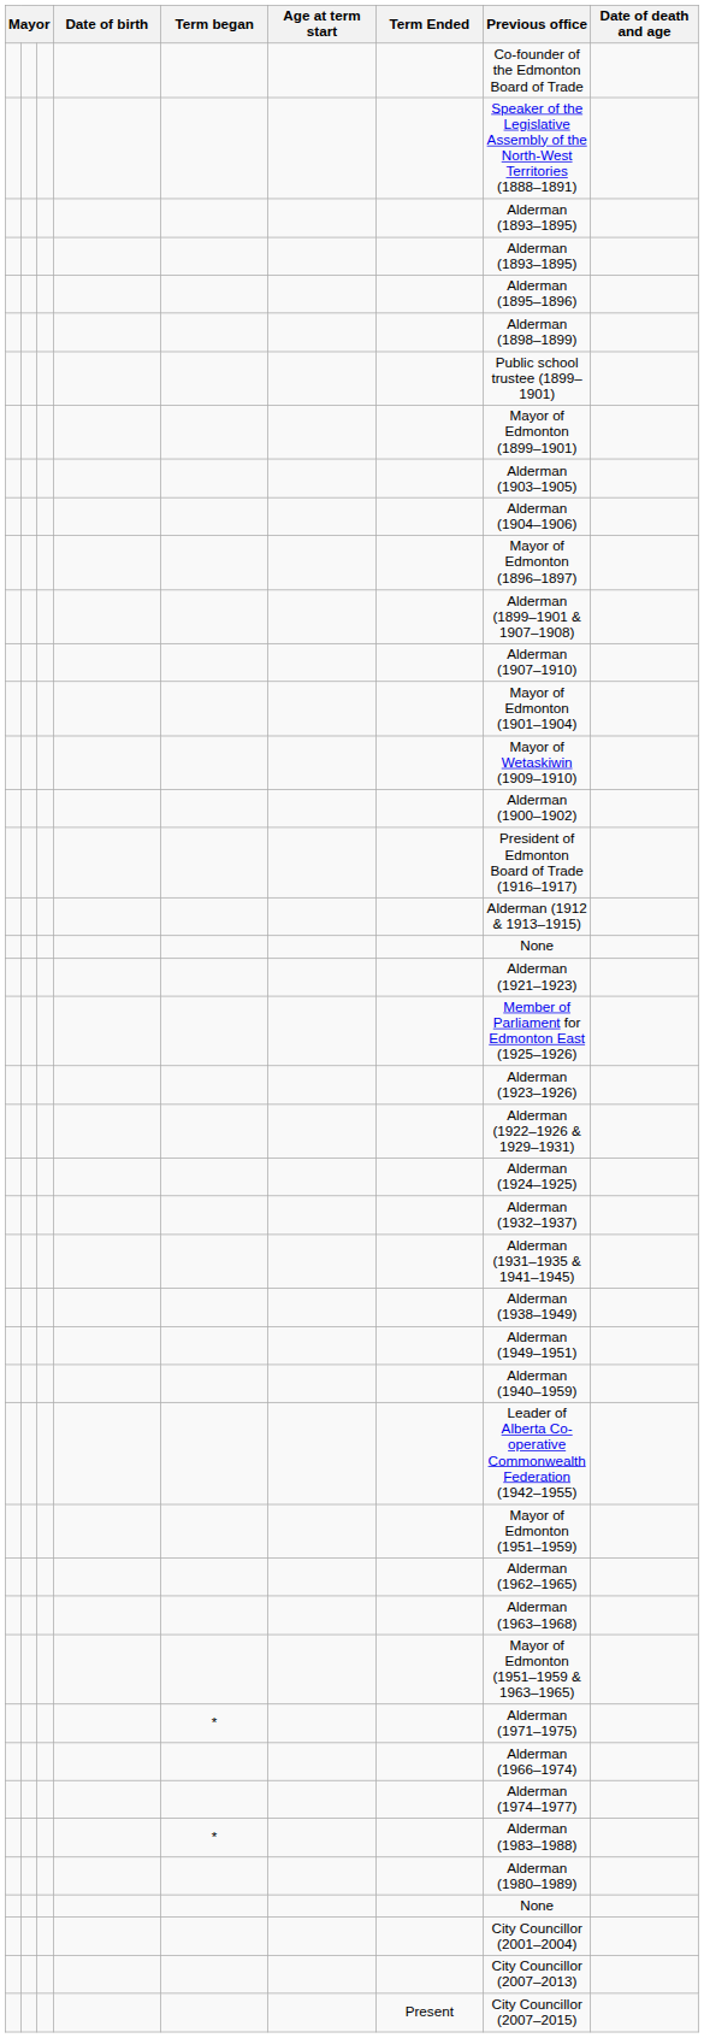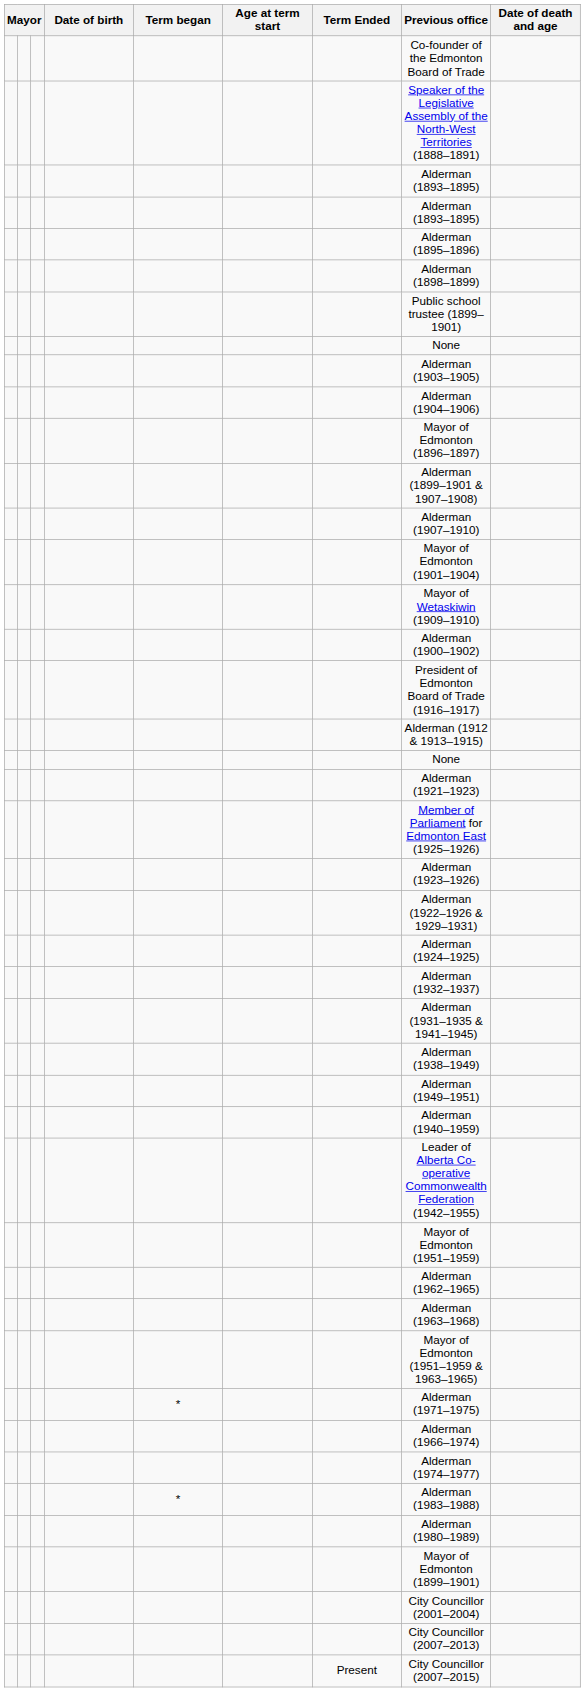 <table class="wikitable sortable" style="text-align:center;">
 <tr>
 <th colspan=3>Mayor</th>
 <th width="115">Date of birth</th>
 <th width="115">Term began</th>
 <th width="115">Age at term start</th>
 <th width="115">Term Ended</th>
 <th width="115">Previous office</th>
 <th width="115">Date of death and age</th>
 </tr>
 <tr>
 <td></td>
 <td></td>
 <td></td>
 <td></td>
 <td></td>
 <td></td>
 <td></td>
 <td>Co-founder of the Edmonton Board of Trade</td>
 <td><br></td>
 </tr>
 <tr>
 <td></td>
 <td></td>
 <td></td>
 <td></td>
 <td></td>
 <td></td>
 <td></td>
 <td><a href='#'>Speaker of the Legislative Assembly of the North-West Territories</a> (1888–1891)</td>
 <td><br></td>
 </tr>
 <tr>
 <td></td>
 <td></td>
 <td></td>
 <td></td>
 <td></td>
 <td></td>
 <td></td>
 <td>Alderman (1893–1895)</td>
 <td><br></td>
 </tr>
 <tr>
 <td></td>
 <td></td>
 <td></td>
 <td></td>
 <td></td>
 <td></td>
 <td></td>
 <td>Alderman (1893–1895)</td>
 <td><br></td>
 </tr>
 <tr>
 <td></td>
 <td></td>
 <td></td>
 <td></td>
 <td></td>
 <td></td>
 <td></td>
 <td>Alderman (1895–1896)</td>
 <td><br></td>
 </tr>
 <tr>
 <td></td>
 <td></td>
 <td></td>
 <td></td>
 <td></td>
 <td></td>
 <td></td>
 <td>Alderman (1898–1899)</td>
 <td><br></td>
 </tr>
 <tr>
 <td></td>
 <td></td>
 <td></td>
 <td></td>
 <td></td>
 <td></td>
 <td></td>
 <td>Public school trustee (1899–1901)</td>
 <td><br></td>
 </tr>
 <tr>
 <td></td>
 <td></td>
 <td></td>
 <td></td>
 <td></td>
 <td></td>
 <td></td>
-<td>Mayor of Edmonton (1899–1901)</td>
+<td>None</td>
 <td><br></td>
 </tr>
 <tr>
 <td></td>
 <td></td>
 <td></td>
 <td></td>
 <td></td>
 <td></td>
 <td></td>
 <td>Alderman (1903–1905)</td>
 <td><br></td>
 </tr>
 <tr>
 <td></td>
 <td></td>
 <td></td>
 <td></td>
 <td></td>
 <td></td>
 <td></td>
 <td>Alderman (1904–1906)</td>
 <td><br></td>
 </tr>
 <tr>
 <td></td>
 <td></td>
 <td></td>
 <td></td>
 <td></td>
 <td></td>
 <td></td>
 <td>Mayor of Edmonton (1896–1897)</td>
 <td><br></td>
 </tr>
 <tr>
 <td></td>
 <td></td>
 <td></td>
 <td></td>
 <td></td>
 <td></td>
 <td></td>
 <td>Alderman (1899–1901 & 1907–1908)</td>
 <td><br></td>
 </tr>
 <tr>
 <td></td>
 <td></td>
 <td></td>
 <td></td>
 <td></td>
 <td></td>
 <td></td>
 <td>Alderman (1907–1910)</td>
 <td><br></td>
 </tr>
 <tr>
 <td></td>
 <td></td>
 <td></td>
 <td></td>
 <td></td>
 <td></td>
 <td></td>
 <td>Mayor of Edmonton (1901–1904)</td>
 <td><br></td>
 </tr>
 <tr>
 <td></td>
 <td></td>
 <td></td>
 <td></td>
 <td></td>
 <td></td>
 <td></td>
 <td>Mayor of <a href='#'>Wetaskiwin</a> (1909–1910)</td>
 <td><br></td>
 </tr>
 <tr>
 <td></td>
 <td></td>
 <td></td>
 <td></td>
 <td></td>
 <td></td>
 <td></td>
 <td>Alderman (1900–1902)</td>
 <td><br></td>
 </tr>
 <tr>
 <td></td>
 <td></td>
 <td></td>
 <td></td>
 <td></td>
 <td></td>
 <td></td>
 <td>President of Edmonton Board of Trade (1916–1917)</td>
 <td><br></td>
 </tr>
 <tr>
 <td></td>
 <td></td>
 <td></td>
 <td></td>
 <td></td>
 <td></td>
 <td></td>
 <td>Alderman (1912 & 1913–1915)</td>
 <td><br></td>
 </tr>
 <tr>
 <td></td>
 <td></td>
 <td></td>
 <td></td>
 <td></td>
 <td></td>
 <td></td>
 <td>None</td>
 <td><br></td>
 </tr>
 <tr>
 <td></td>
 <td></td>
 <td></td>
 <td></td>
 <td></td>
 <td></td>
 <td></td>
 <td>Alderman (1921–1923)</td>
 <td><br></td>
 </tr>
 <tr>
 <td></td>
 <td></td>
 <td></td>
 <td></td>
 <td></td>
 <td></td>
 <td></td>
 <td><a href='#'>Member of Parliament</a> for <a href='#'>Edmonton East</a> (1925–1926)</td>
 <td><br></td>
 </tr>
 <tr>
 <td></td>
 <td></td>
 <td></td>
 <td></td>
 <td></td>
 <td></td>
 <td></td>
 <td>Alderman (1923–1926)</td>
 <td><br></td>
 </tr>
 <tr>
 <td></td>
 <td></td>
 <td></td>
 <td></td>
 <td></td>
 <td></td>
 <td></td>
 <td>Alderman (1922–1926 & 1929–1931)</td>
 <td><br></td>
 </tr>
 <tr>
 <td></td>
 <td></td>
 <td></td>
 <td></td>
 <td></td>
 <td></td>
 <td></td>
 <td>Alderman (1924–1925)</td>
 <td><br></td>
 </tr>
 <tr>
 <td></td>
 <td></td>
 <td></td>
 <td></td>
 <td></td>
 <td></td>
 <td></td>
 <td>Alderman (1932–1937)</td>
 <td><br></td>
 </tr>
 <tr>
 <td></td>
 <td></td>
 <td></td>
 <td></td>
 <td></td>
 <td></td>
 <td></td>
 <td>Alderman (1931–1935 & 1941–1945)</td>
 <td><br></td>
 </tr>
 <tr>
 <td></td>
 <td></td>
 <td></td>
 <td></td>
 <td></td>
 <td></td>
 <td></td>
 <td>Alderman (1938–1949)</td>
 <td><br></td>
 </tr>
 <tr>
 <td></td>
 <td></td>
 <td></td>
 <td></td>
 <td></td>
 <td></td>
 <td></td>
 <td>Alderman (1949–1951)</td>
 <td><br></td>
 </tr>
 <tr>
 <td></td>
 <td></td>
 <td></td>
 <td></td>
 <td></td>
 <td></td>
 <td></td>
 <td>Alderman (1940–1959)</td>
 <td><br></td>
 </tr>
 <tr>
 <td></td>
 <td></td>
 <td></td>
 <td></td>
 <td></td>
 <td></td>
 <td></td>
 <td>Leader of <a href='#'>Alberta Co-operative Commonwealth Federation</a> (1942–1955)</td>
 <td><br></td>
 </tr>
 <tr>
 <td></td>
 <td></td>
 <td></td>
 <td></td>
 <td></td>
 <td></td>
 <td></td>
 <td>Mayor of Edmonton (1951–1959)</td>
 <td><br></td>
 </tr>
 <tr>
 <td></td>
 <td></td>
 <td></td>
 <td></td>
 <td></td>
 <td></td>
 <td></td>
 <td>Alderman (1962–1965)</td>
 <td><br></td>
 </tr>
 <tr>
 <td></td>
 <td></td>
 <td></td>
 <td></td>
 <td></td>
 <td></td>
 <td></td>
 <td>Alderman (1963–1968)</td>
 <td><br></td>
 </tr>
 <tr>
 <td></td>
 <td></td>
 <td></td>
 <td></td>
 <td></td>
 <td></td>
 <td></td>
 <td>Mayor of Edmonton (1951–1959 & 1963–1965)</td>
 <td><br></td>
 </tr>
 <tr>
 <td></td>
 <td></td>
 <td></td>
 <td></td>
 <td>*</td>
 <td></td>
 <td></td>
 <td>Alderman (1971–1975)</td>
 <td><br></td>
 </tr>
 <tr>
 <td></td>
 <td></td>
 <td></td>
 <td></td>
 <td></td>
 <td></td>
 <td></td>
 <td>Alderman (1966–1974)</td>
 <td></td>
 </tr>
 <tr>
 <td></td>
 <td></td>
 <td></td>
 <td></td>
 <td></td>
 <td></td>
 <td></td>
 <td>Alderman (1974–1977)</td>
 <td><br></td>
 </tr>
 <tr>
 <td></td>
 <td></td>
 <td></td>
 <td></td>
 <td>*</td>
 <td></td>
 <td></td>
 <td>Alderman (1983–1988)</td>
 <td><br></td>
 </tr>
 <tr>
 <td></td>
 <td></td>
 <td></td>
 <td></td>
 <td></td>
 <td></td>
 <td></td>
 <td>Alderman (1980–1989)</td>
 <td></td>
 </tr>
 <tr>
 <td></td>
 <td></td>
 <td></td>
 <td></td>
 <td></td>
 <td></td>
 <td></td>
-<td>None</td>
+<td>Mayor of Edmonton (1899–1901)</td>
 <td></td>
 </tr>
 <tr>
 <td></td>
 <td></td>
 <td></td>
 <td></td>
 <td></td>
 <td></td>
 <td></td>
 <td>City Councillor (2001–2004)</td>
 <td></td>
 </tr>
 <tr>
 <td></td>
 <td></td>
 <td></td>
 <td></td>
 <td></td>
 <td></td>
 <td></td>
 <td>City Councillor (2007–2013)</td>
 <td></td>
 </tr>
 <tr>
 <td></td>
 <td></td>
 <td></td>
 <td></td>
 <td></td>
 <td></td>
 <td>Present</td>
 <td>City Councillor (2007–2015)</td>
 <td></td>
 </tr>
 </table>
